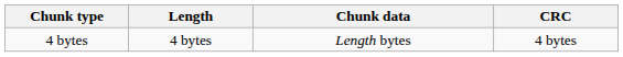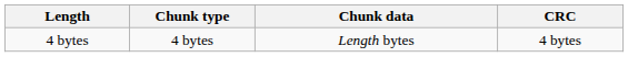 <table class="wikitable" style="text-align: center;">
 <tr>
+<th style="width: 8em">Length</th>
 <th style="width: 8em">Chunk type</th>
-<th style="width: 8em">Length</th>
 <th style="width: 16em">Chunk data</th>
 <th style="width: 8em">CRC</th>
 </tr>
 <tr>
 <td>4 bytes</td>
 <td>4 bytes</td>
 <td><em>Length</em> bytes</td>
 <td>4 bytes</td>
 </tr>
 </table>
